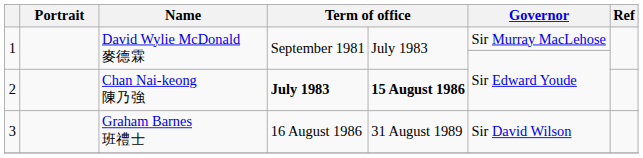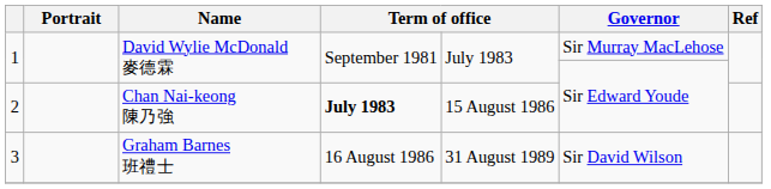 <table class="wikitable"  style="text-align:left">
 <tr>
 <th width=10px></th>
 <th width=80px>Portrait</th>
 <th width=180px>Name</th>
 <th width=180px colspan=2>Term of office</th>
 <th width=150px><a href='#'>Governor</a></th>
 <th>Ref</th>
 </tr>
 <tr>
 <td rowspan=2 align=center>1</td>
 <td rowspan=2></td>
 <td rowspan=2><a href='#'>David Wylie McDonald</a><br>麥德霖</td>
 <td rowspan=2>September 1981</td>
 <td rowspan=2>July 1983</td>
 <td>Sir <a href='#'>Murray MacLehose</a><br></td>
 <td rowspan=2></td>
 </tr>
 <tr>
 <td rowspan=3>Sir <a href='#'>Edward Youde</a><br></td>
 </tr>
 <tr>
 <td align=center>2</td>
 <td></td>
 <td><a href='#'>Chan Nai-keong</a><br>陳乃強</td>
 <td><strong>July 1983</strong></td>
-<td><strong>15 August 1986</strong></td>
+<td>15 August 1986</td>
 <td></td>
 </tr>
 <tr>
 <td rowspan=2 align=center>3</td>
 <td rowspan=2></td>
 <td rowspan=2><a href='#'>Graham Barnes</a><br>班禮士</td>
 <td rowspan=2>16 August 1986</td>
 <td rowspan=2>31 August 1989</td>
 <td rowspan=2></td>
 </tr>
 <tr>
 <td>Sir <a href='#'>David Wilson</a><br></td>
 </tr>
 <tr>
 </tr>
 </table>
